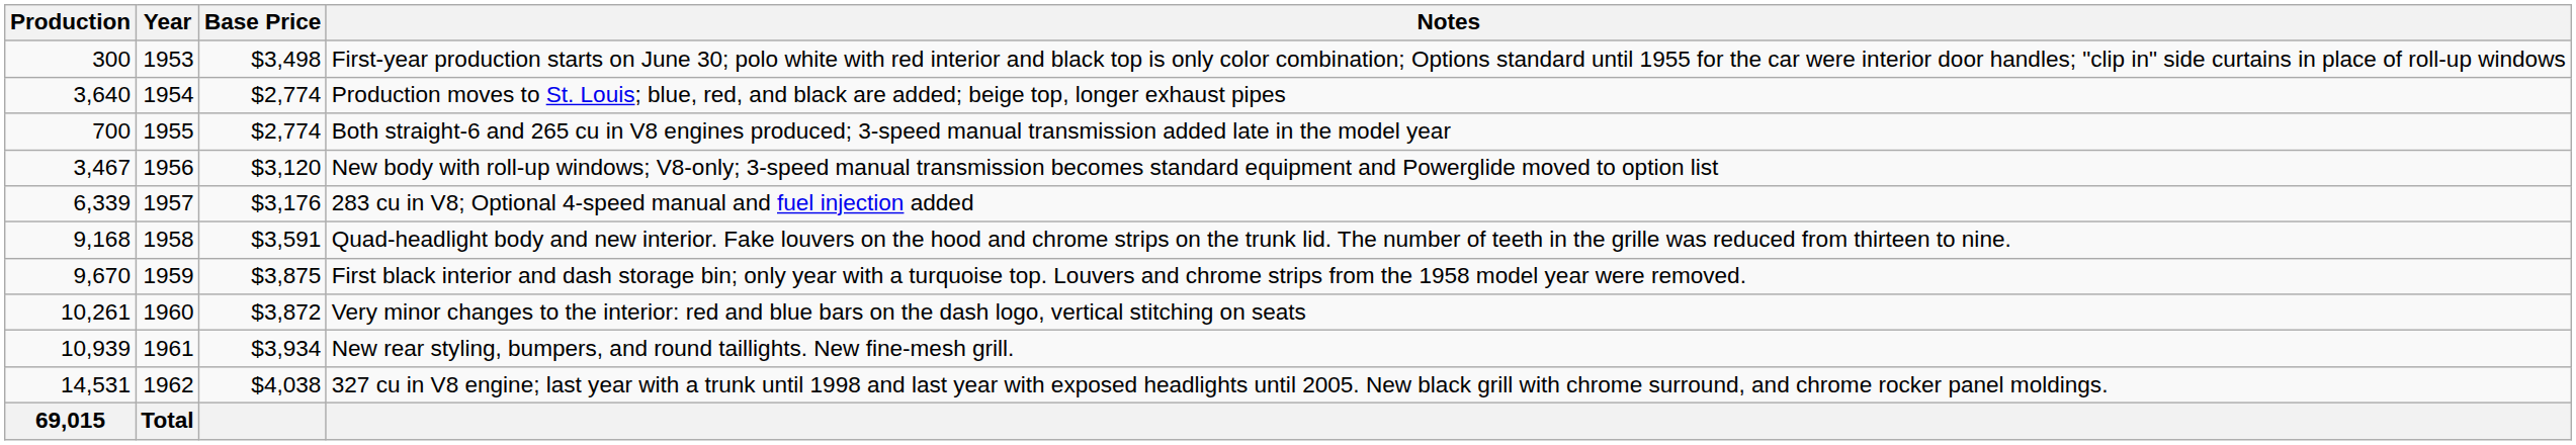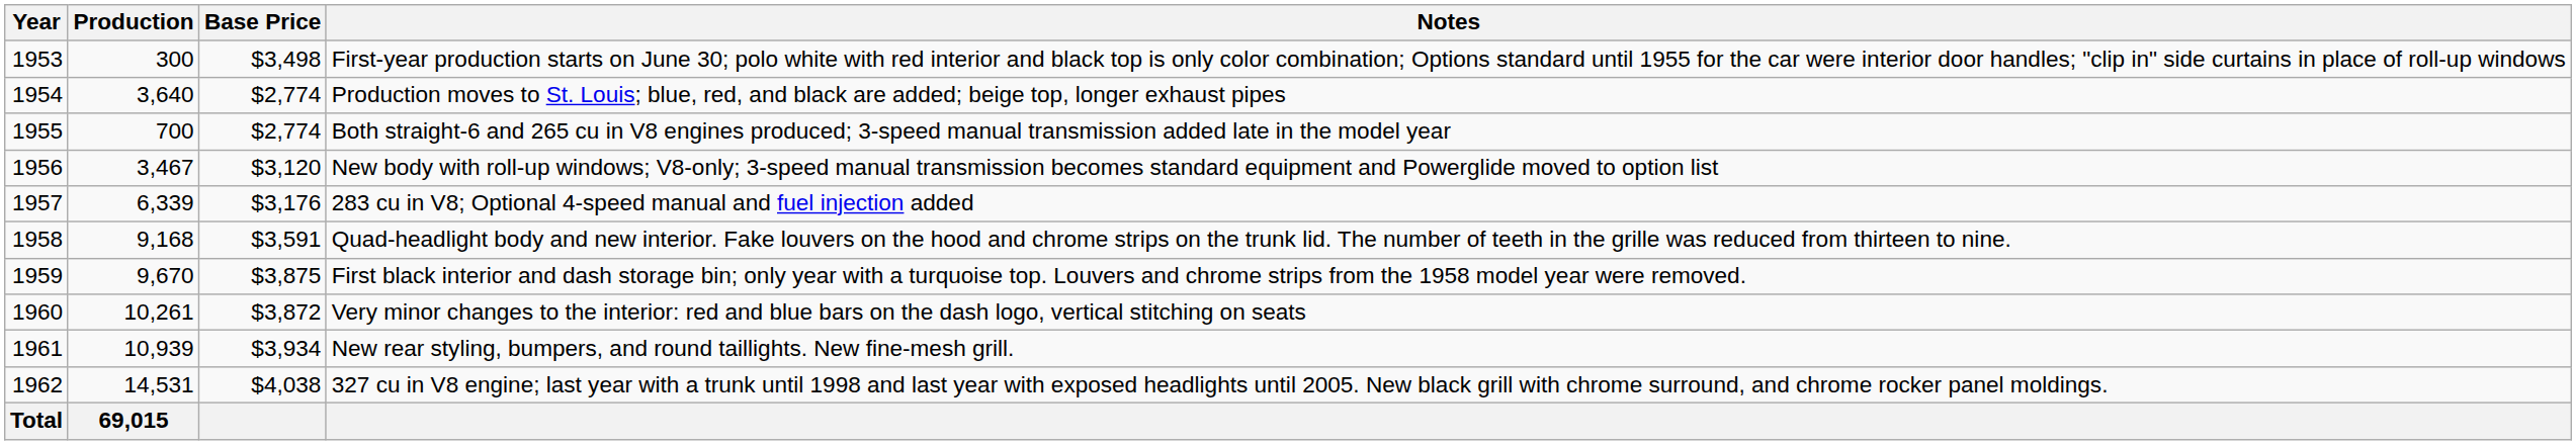 <table class=wikitable>
 <tr>
+<th>Year</th>
 <th>Production</th>
-<th>Year</th>
 <th>Base Price</th>
 <th>Notes</th>
 </tr>
 <tr align=right>
+<td>1953</td>
 <td>300</td>
-<td>1953</td>
 <td>$3,498</td>
 <td align=left>First-year production starts on June 30; polo white with red interior and black top is only color combination; Options standard until 1955 for the car were interior door handles; "clip in" side curtains in place of roll-up windows</td>
 </tr>
 <tr align=right>
+<td>1954</td>
 <td>3,640</td>
-<td>1954</td>
 <td>$2,774</td>
 <td align=left>Production moves to <a href='#'>St. Louis</a>; blue, red, and black are added; beige top, longer exhaust pipes</td>
 </tr>
 <tr align=right>
+<td>1955</td>
 <td>700</td>
-<td>1955</td>
 <td>$2,774</td>
 <td align=left>Both straight-6 and 265 cu in V8 engines produced; 3-speed manual transmission added late in the model year</td>
 </tr>
 <tr align=right>
+<td>1956</td>
 <td>3,467</td>
-<td>1956</td>
 <td>$3,120</td>
 <td align=left>New body with roll-up windows; V8-only; 3-speed manual transmission becomes standard equipment and Powerglide moved to option list</td>
 </tr>
 <tr align=right>
+<td>1957</td>
 <td>6,339</td>
-<td>1957</td>
 <td>$3,176</td>
 <td align=left>283 cu in V8; Optional 4-speed manual and <a href='#'>fuel injection</a> added</td>
 </tr>
 <tr align=right>
+<td>1958</td>
 <td>9,168</td>
-<td>1958</td>
 <td>$3,591</td>
 <td align=left>Quad-headlight body and new interior. Fake louvers on the hood and chrome strips on the trunk lid. The number of teeth in the grille was reduced from thirteen to nine.</td>
 </tr>
 <tr align=right>
+<td>1959</td>
 <td>9,670</td>
-<td>1959</td>
 <td>$3,875</td>
 <td align=left>First black interior and dash storage bin; only year with a turquoise top. Louvers and chrome strips from the 1958 model year were removed.</td>
 </tr>
 <tr align=right>
+<td>1960</td>
 <td>10,261</td>
-<td>1960</td>
 <td>$3,872</td>
 <td align=left>Very minor changes to the interior: red and blue bars on the dash logo, vertical stitching on seats</td>
 </tr>
 <tr align=right>
+<td>1961</td>
 <td>10,939</td>
-<td>1961</td>
 <td>$3,934</td>
 <td align=left>New rear styling, bumpers, and round taillights. New fine-mesh grill.</td>
 </tr>
 <tr align=right>
+<td>1962</td>
 <td>14,531</td>
-<td>1962</td>
 <td>$4,038</td>
 <td align=left>327 cu in V8 engine; last year with a trunk until 1998 and last year with exposed headlights until 2005. New black grill with chrome surround, and chrome rocker panel moldings.</td>
 </tr>
 <tr align=right>
+<th>Total</th>
 <th>69,015</th>
-<th>Total</th>
 <th></th>
 <th></th>
 </tr>
 </table>
